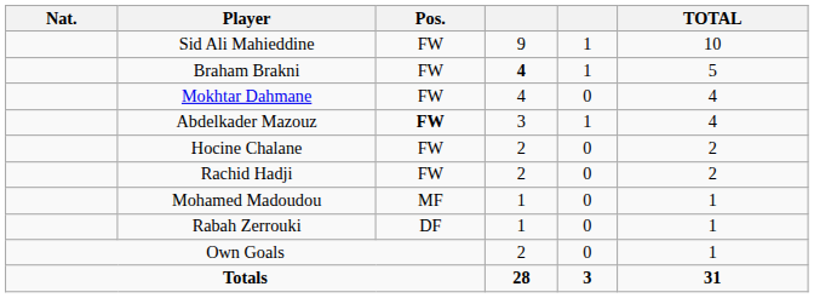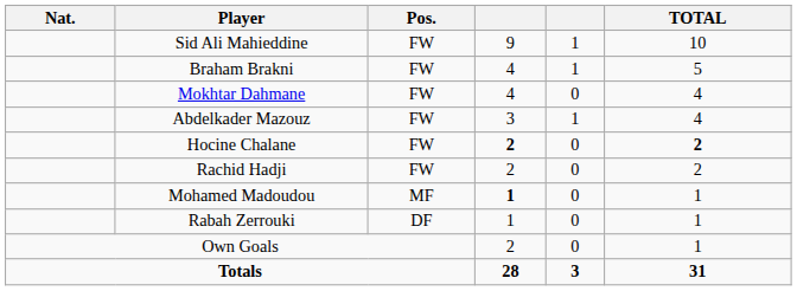 <table class="wikitable sortable alternance"  style="font-size:85%; text-align:center; line-height:14px; width:50%;">
 <tr>
 <th width=10>Nat.</th>
 <th width=60>Player</th>
 <th width=10>Pos.</th>
 <th width=10></th>
 <th width=10></th>
 <th width=10>TOTAL</th>
 </tr>
 <tr>
 <td></td>
 <td>Sid Ali Mahieddine</td>
 <td>FW</td>
 <td>9</td>
 <td>1</td>
 <td>10</td>
 </tr>
 <tr>
 <td></td>
 <td>Braham Brakni</td>
 <td>FW</td>
-<td><strong>4</strong></td>
+<td>4</td>
 <td>1</td>
 <td>5</td>
 </tr>
 <tr>
 <td></td>
 <td><a href='#'>Mokhtar Dahmane</a></td>
 <td>FW</td>
 <td>4</td>
 <td>0</td>
 <td>4</td>
 </tr>
 <tr>
 <td></td>
 <td>Abdelkader Mazouz</td>
-<td><strong>FW</strong></td>
+<td>FW</td>
 <td>3</td>
 <td>1</td>
 <td>4</td>
 </tr>
 <tr>
 <td></td>
 <td>Hocine Chalane</td>
 <td>FW</td>
-<td>2</td>
+<td><strong>2</strong></td>
 <td>0</td>
-<td>2</td>
+<td><strong>2</strong></td>
 </tr>
 <tr>
 <td></td>
 <td>Rachid Hadji</td>
 <td>FW</td>
 <td>2</td>
 <td>0</td>
 <td>2</td>
 </tr>
 <tr>
 <td></td>
 <td>Mohamed Madoudou</td>
 <td>MF</td>
-<td>1</td>
+<td><strong>1</strong></td>
 <td>0</td>
 <td>1</td>
 </tr>
 <tr>
 <td></td>
 <td>Rabah Zerrouki</td>
 <td>DF</td>
 <td>1</td>
 <td>0</td>
 <td>1</td>
 </tr>
 <tr class="sortbottom">
 <td colspan="3">Own Goals</td>
 <td>2</td>
 <td>0</td>
 <td>1</td>
 </tr>
 <tr class="sortbottom">
 <td colspan="3"><strong>Totals</strong></td>
 <td><strong>28</strong></td>
 <td><strong>3</strong></td>
 <td><strong>31</strong></td>
 </tr>
 </table>
